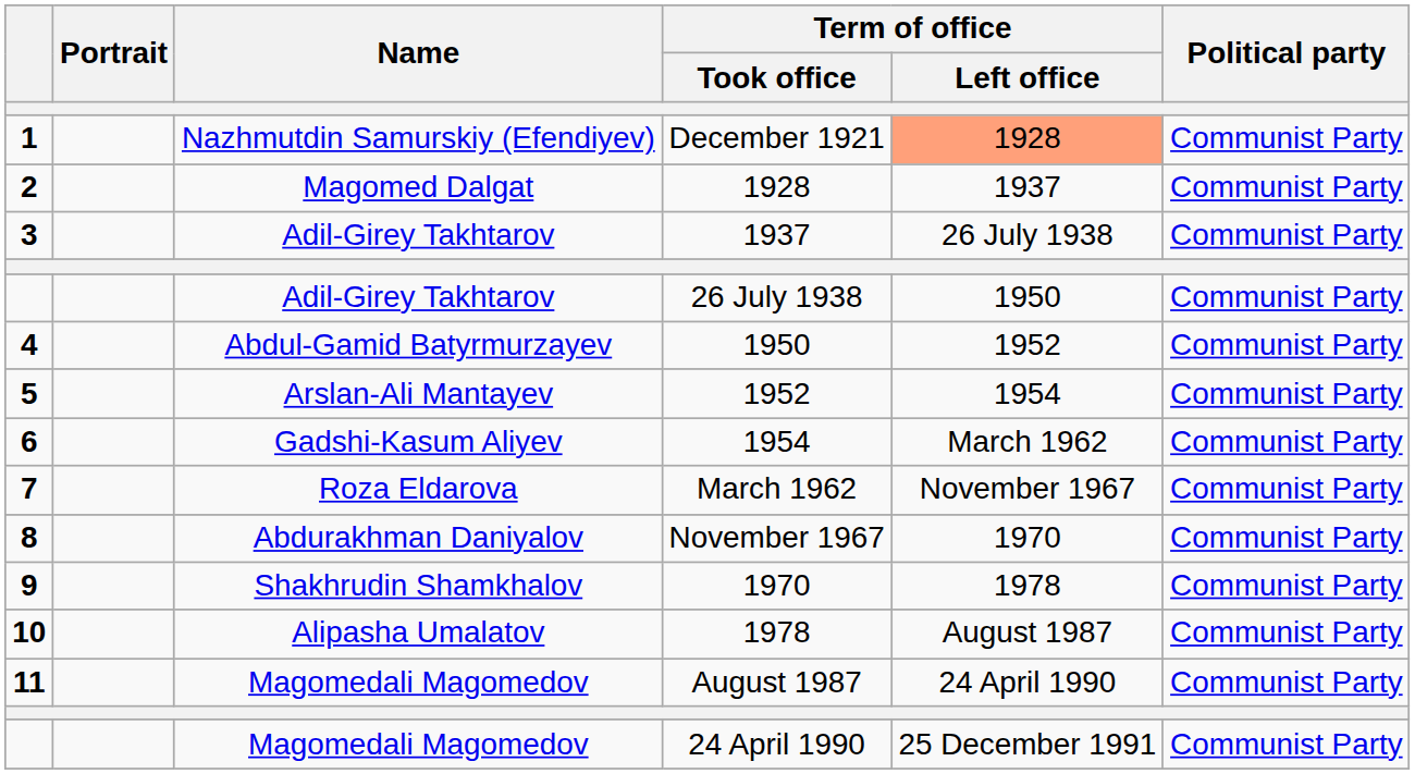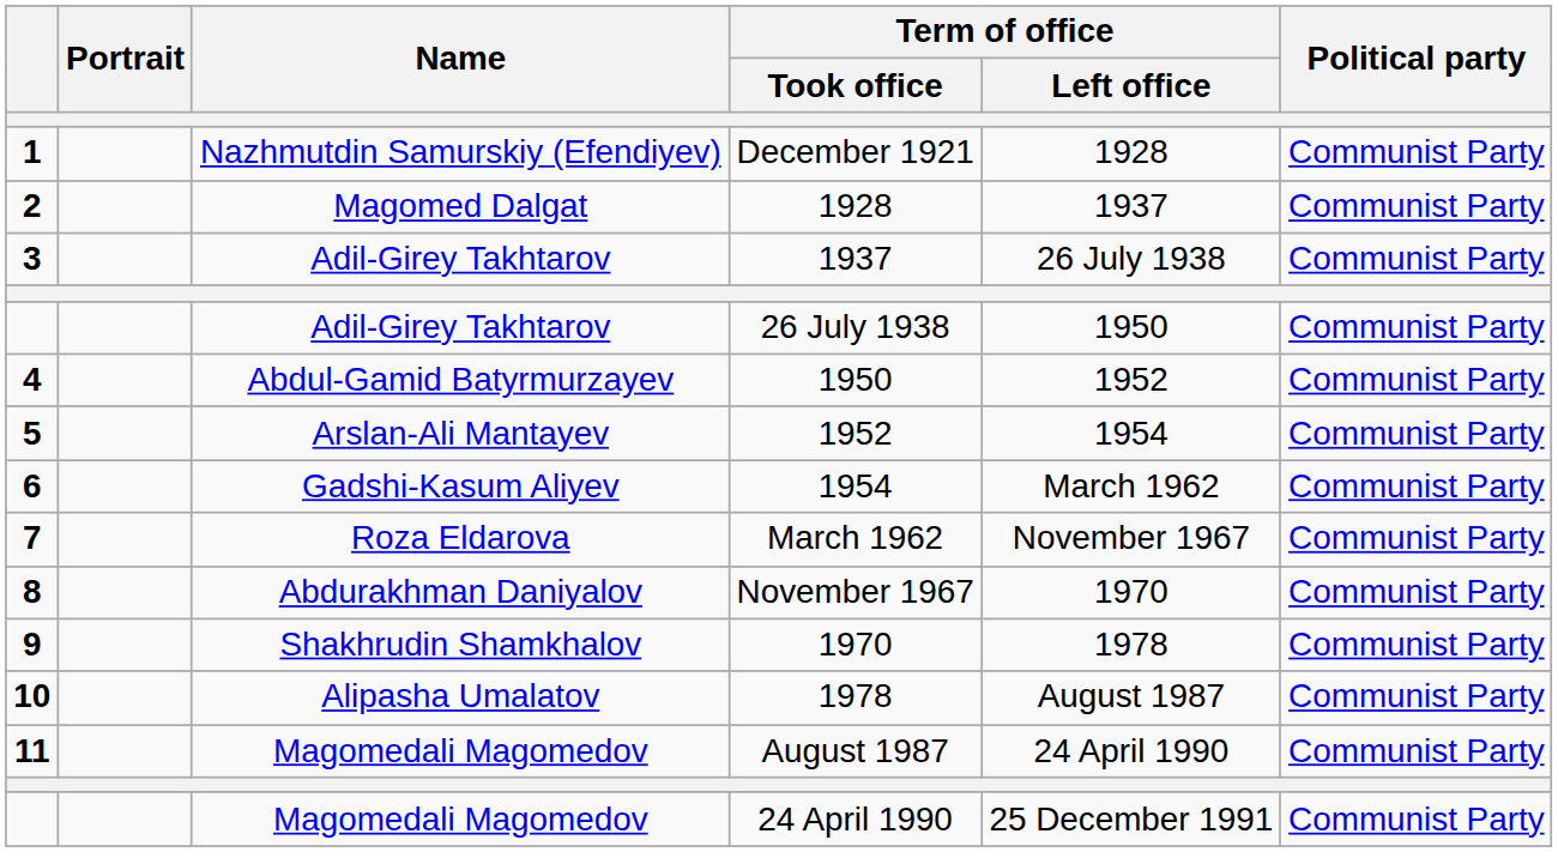 <table class="wikitable" style="text-align:center">
 <tr>
 <th rowspan=2></th>
 <th rowspan=2>Portrait</th>
 <th rowspan=2>Name<br></th>
 <th colspan=2>Term of office</th>
 <th rowspan=2>Political party</th>
 </tr>
 <tr>
 <th>Took office</th>
 <th>Left office</th>
 </tr>
 <tr>
 <th colspan="6"></th>
 </tr>
 <tr>
 <td style="background: "><strong>1</strong></td>
 <td></td>
 <td><a href='#'>Nazhmutdin Samurskiy (Efendiyev)</a><br></td>
 <td>December 1921</td>
-<td style="background: lightsalmon;">1928</td>
+<td>1928</td>
 <td><a href='#'>Communist Party</a></td>
 </tr>
 <tr>
 <td style="background: "><strong>2</strong></td>
 <td></td>
 <td><a href='#'>Magomed Dalgat</a><br></td>
 <td>1928</td>
 <td>1937</td>
 <td><a href='#'>Communist Party</a></td>
 </tr>
 <tr>
 <td style="background: "><strong>3</strong></td>
 <td></td>
 <td><a href='#'>Adil-Girey Takhtarov</a><br></td>
 <td>1937</td>
 <td>26 July 1938</td>
 <td><a href='#'>Communist Party</a></td>
 </tr>
 <tr>
 <th colspan="6"></th>
 </tr>
 <tr>
 <td style="background: "><strong></strong></td>
 <td></td>
 <td><a href='#'>Adil-Girey Takhtarov</a><br></td>
 <td>26 July 1938</td>
 <td>1950</td>
 <td><a href='#'>Communist Party</a></td>
 </tr>
 <tr>
 <td style="background: "><strong>4</strong></td>
 <td></td>
 <td><a href='#'>Abdul-Gamid Batyrmurzayev</a><br></td>
 <td>1950</td>
 <td>1952</td>
 <td><a href='#'>Communist Party</a></td>
 </tr>
 <tr>
 <td style="background: "><strong>5</strong></td>
 <td></td>
 <td><a href='#'>Arslan-Ali Mantayev</a><br></td>
 <td>1952</td>
 <td>1954</td>
 <td><a href='#'>Communist Party</a></td>
 </tr>
 <tr>
 <td style="background: "><strong>6</strong></td>
 <td></td>
 <td><a href='#'>Gadshi-Kasum Aliyev</a></td>
 <td>1954</td>
 <td>March 1962</td>
 <td><a href='#'>Communist Party</a></td>
 </tr>
 <tr>
 <td style="background: "><strong>7</strong></td>
 <td></td>
 <td><a href='#'>Roza Eldarova</a><br></td>
 <td>March 1962</td>
 <td>November 1967</td>
 <td><a href='#'>Communist Party</a></td>
 </tr>
 <tr>
 <td style="background: "><strong>8</strong></td>
 <td></td>
 <td><a href='#'>Abdurakhman Daniyalov</a><br></td>
 <td>November 1967</td>
 <td>1970</td>
 <td><a href='#'>Communist Party</a></td>
 </tr>
 <tr>
 <td style="background: "><strong>9</strong></td>
 <td></td>
 <td><a href='#'>Shakhrudin Shamkhalov</a><br></td>
 <td>1970</td>
 <td>1978</td>
 <td><a href='#'>Communist Party</a></td>
 </tr>
 <tr>
 <td style="background: "><strong>10</strong></td>
 <td></td>
 <td><a href='#'>Alipasha Umalatov</a><br></td>
 <td>1978</td>
 <td>August 1987</td>
 <td><a href='#'>Communist Party</a></td>
 </tr>
 <tr>
 <td style="background: "><strong>11</strong></td>
 <td></td>
 <td><a href='#'>Magomedali Magomedov</a><br></td>
 <td>August 1987</td>
 <td>24 April 1990</td>
 <td><a href='#'>Communist Party</a></td>
 </tr>
 <tr>
 <th colspan="6"></th>
 </tr>
 <tr>
 <td style="background: "><strong></strong></td>
 <td></td>
 <td><a href='#'>Magomedali Magomedov</a><br></td>
 <td>24 April 1990</td>
 <td>25 December 1991</td>
 <td><a href='#'>Communist Party</a></td>
 </tr>
 </table>
